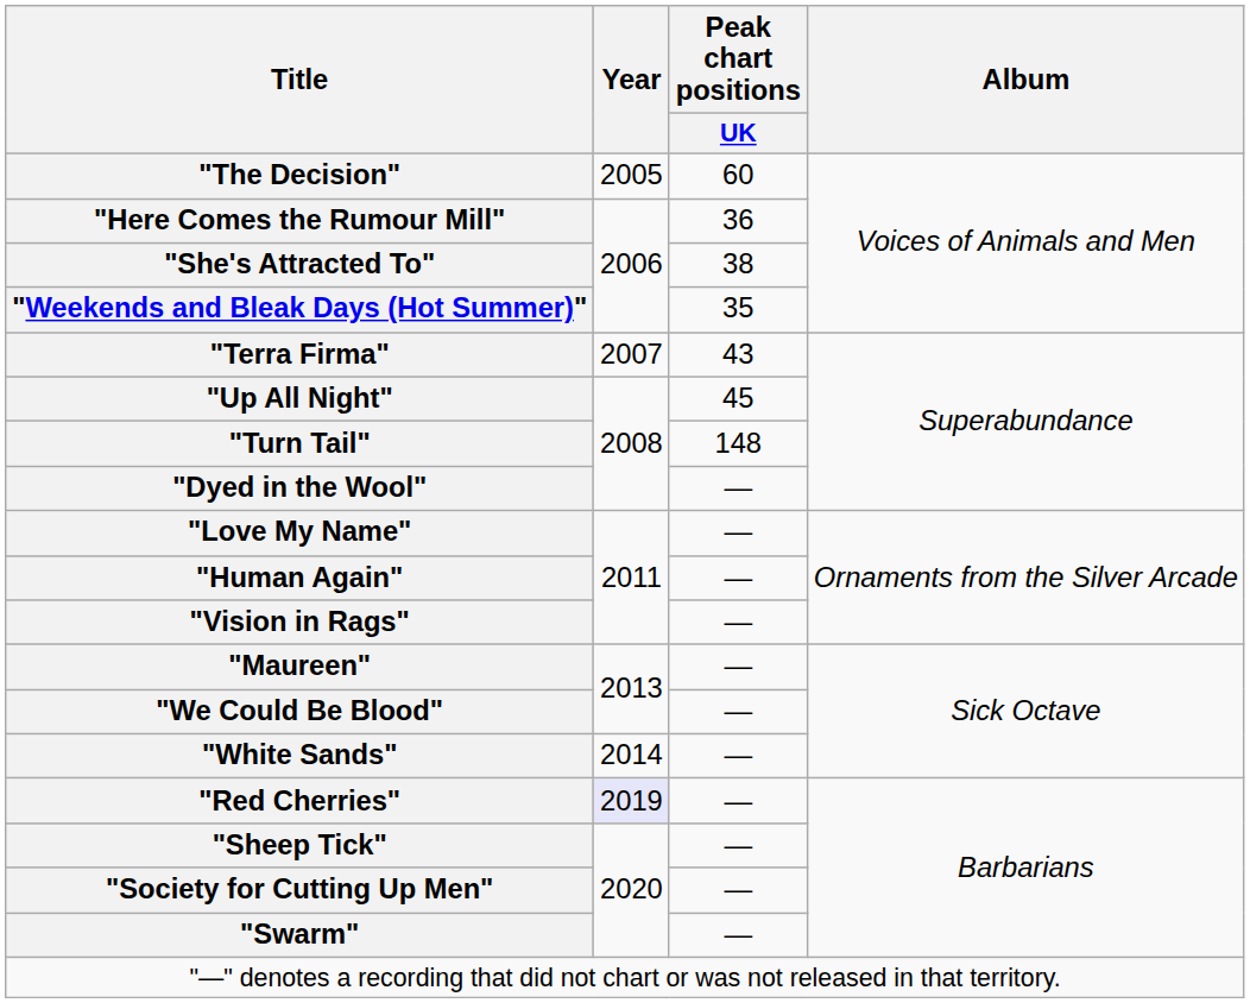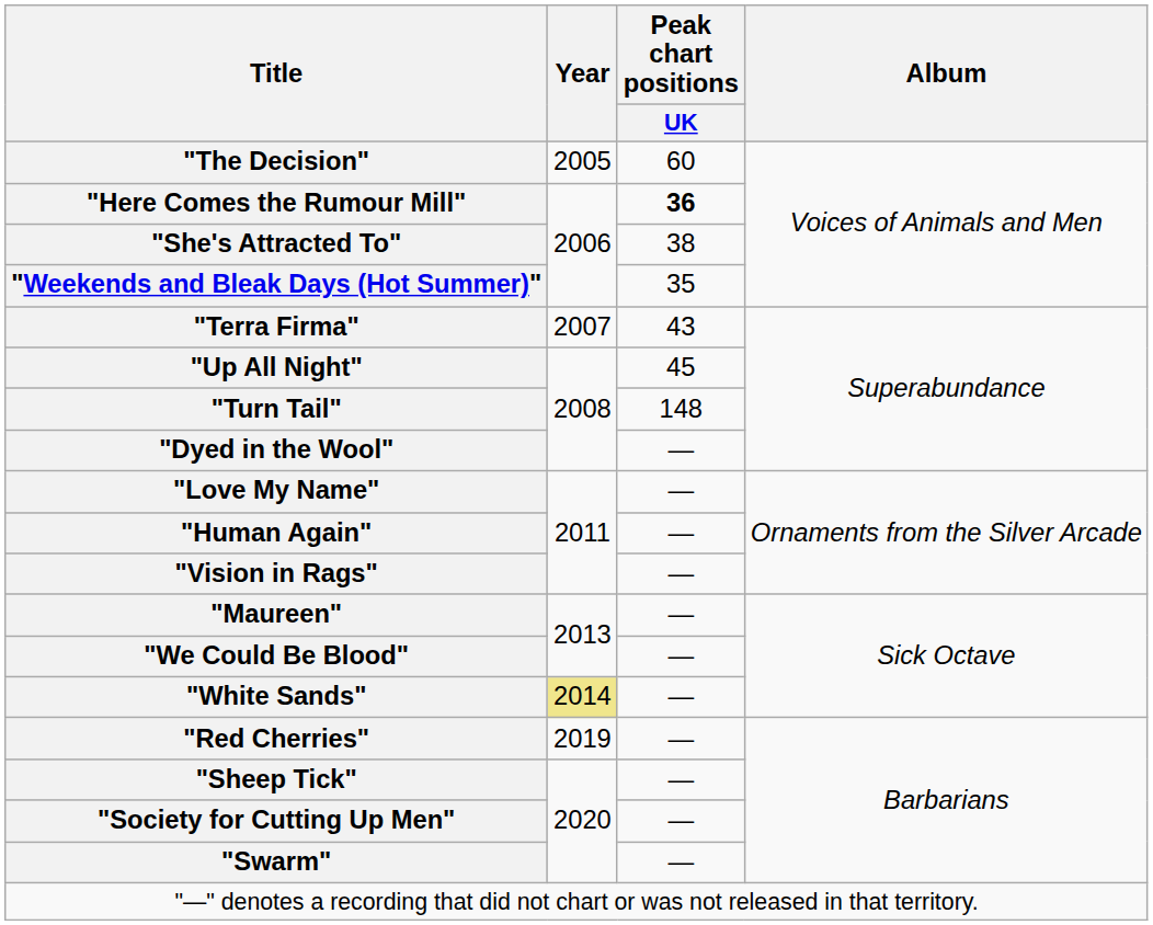 <table class="wikitable plainrowheaders" style="text-align:center">
 <tr>
 <th scope="col" rowspan="2">Title</th>
 <th scope="col" rowspan="2">Year</th>
 <th scope="col">Peak chart positions</th>
 <th scope="col" rowspan="2">Album</th>
 </tr>
 <tr>
 <th scope="col" style="width:3em;font-size:90%;"><a href='#'>UK</a><br></th>
 </tr>
 <tr>
 <th scope="row">"The Decision"</th>
 <td>2005</td>
 <td>60</td>
 <td rowspan=4><em>Voices of Animals and Men</em></td>
 </tr>
 <tr>
 <th scope="row">"Here Comes the Rumour Mill"</th>
 <td rowspan=3>2006</td>
-<td>36</td>
+<td><strong>36</strong></td>
 </tr>
 <tr>
 <th scope="row">"She's Attracted To"</th>
 <td>38</td>
 </tr>
 <tr>
 <th scope="row">"<a href='#'>Weekends and Bleak Days (Hot Summer)</a>"</th>
 <td>35</td>
 </tr>
 <tr>
 <th scope="row">"Terra Firma"</th>
 <td>2007</td>
 <td>43</td>
 <td rowspan=4><em>Superabundance</em></td>
 </tr>
 <tr>
 <th scope="row">"Up All Night"</th>
 <td rowspan=3>2008</td>
 <td>45</td>
 </tr>
 <tr>
 <th scope="row">"Turn Tail"</th>
 <td>148</td>
 </tr>
 <tr>
 <th scope="row">"Dyed in the Wool"</th>
 <td>—</td>
 </tr>
 <tr>
 <th scope="row">"Love My Name"</th>
 <td rowspan=3>2011</td>
 <td>—</td>
 <td rowspan=3><em>Ornaments from the Silver Arcade</em></td>
 </tr>
 <tr>
 <th scope="row">"Human Again"</th>
 <td>—</td>
 </tr>
 <tr>
 <th scope="row">"Vision in Rags"</th>
 <td>—</td>
 </tr>
 <tr>
 <th scope="row">"Maureen"</th>
 <td rowspan=2>2013</td>
 <td>—</td>
 <td rowspan=3><em>Sick Octave </em></td>
 </tr>
 <tr>
 <th scope="row">"We Could Be Blood"</th>
 <td>—</td>
 </tr>
 <tr>
 <th scope="row">"White Sands"</th>
-<td>2014</td>
+<td style="background: khaki;">2014</td>
 <td>—</td>
 </tr>
 <tr>
 <th scope="row">"Red Cherries"</th>
-<td style="background: lavender;">2019</td>
+<td>2019</td>
 <td>—</td>
 <td rowspan="4"><em>Barbarians</em></td>
 </tr>
 <tr>
 <th scope="row">"Sheep Tick"</th>
 <td rowspan="3">2020</td>
 <td>—</td>
 </tr>
 <tr>
 <th scope="row">"Society for Cutting Up Men"</th>
 <td>—</td>
 </tr>
 <tr>
 <th scope="row">"Swarm"</th>
 <td>—</td>
 </tr>
 <tr>
 <td colspan="4" style="font-size:90%">"—" denotes a recording that did not chart or was not released in that territory.</td>
 </tr>
 </table>
